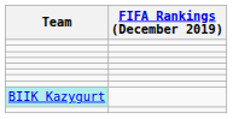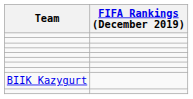 <table class="wikitable sortable" style="text-align: left;">
 <tr>
 <th>Team</th>
 <th><a href='#'>FIFA Rankings</a><br>(December 2019)</th>
 </tr>
 <tr>
 <td></td>
 <td></td>
 </tr>
 <tr>
 <td></td>
 <td></td>
 </tr>
 <tr>
 <td></td>
 <td></td>
 </tr>
 <tr>
 <td></td>
 <td></td>
 </tr>
 <tr>
 <td><s></s></td>
 <td></td>
 </tr>
 <tr>
 <td></td>
 <td></td>
 </tr>
 <tr>
 <td></td>
 <td></td>
 </tr>
 <tr>
 <td></td>
 <td></td>
 </tr>
 <tr>
-<td style="background: paleturquoise;"> <a href='#'>BIIK Kazygurt</a></td>
+<td> <a href='#'>BIIK Kazygurt</a></td>
 <td></td>
 </tr>
 <tr>
 <td></td>
 <td></td>
 </tr>
 </table>
